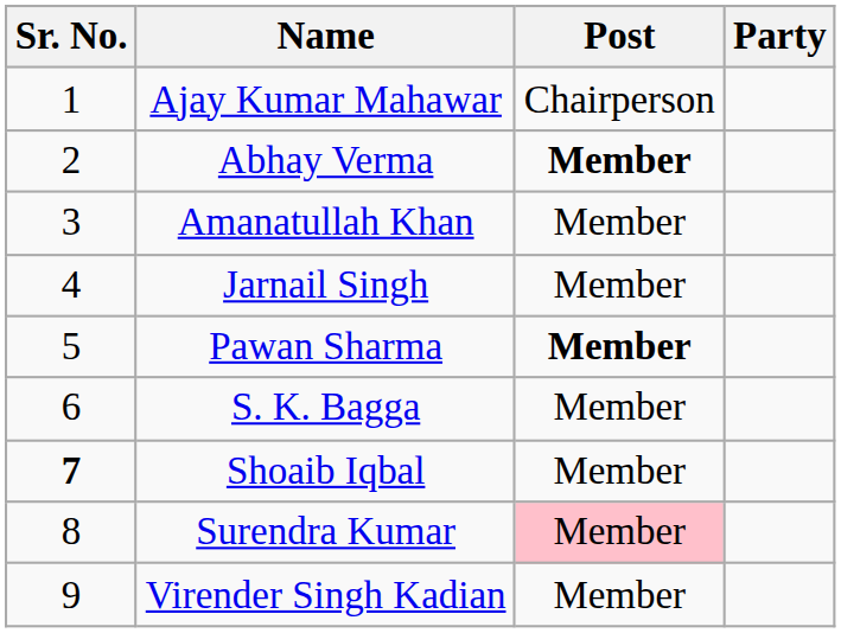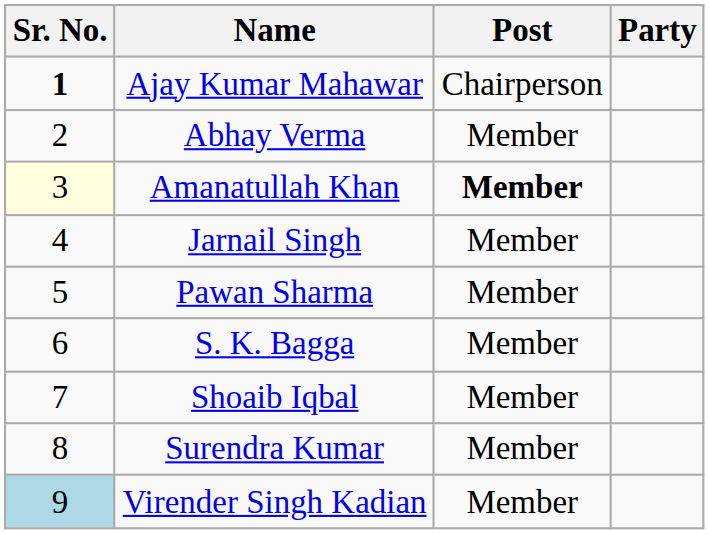 <table class="wikitable sortable">
 <tr>
 <th>Sr. No.</th>
 <th>Name</th>
 <th>Post</th>
 <th colspan="2">Party</th>
 </tr>
 <tr align="center">
-<td>1</td>
+<td><strong>1</strong></td>
 <td><a href='#'>Ajay Kumar Mahawar</a></td>
 <td>Chairperson</td>
 <td></td>
 </tr>
 <tr align="center">
 <td>2</td>
 <td><a href='#'>Abhay Verma</a></td>
-<td><strong>Member</strong></td>
+<td>Member</td>
 <td></td>
 </tr>
 <tr align="center">
-<td>3</td>
+<td style="background: lightyellow;">3</td>
 <td><a href='#'>Amanatullah Khan</a></td>
-<td>Member</td>
+<td><strong>Member</strong></td>
 <td></td>
 </tr>
 <tr align="center">
 <td>4</td>
 <td><a href='#'>Jarnail Singh</a></td>
 <td>Member</td>
 <td></td>
 </tr>
 <tr align="center">
 <td>5</td>
 <td><a href='#'>Pawan Sharma</a></td>
-<td><strong>Member</strong></td>
+<td>Member</td>
 <td></td>
 </tr>
 <tr align="center">
 <td>6</td>
 <td><a href='#'>S. K. Bagga</a></td>
 <td>Member</td>
 <td></td>
 </tr>
 <tr align="center">
-<td><strong>7</strong></td>
+<td>7</td>
 <td><a href='#'>Shoaib Iqbal</a></td>
 <td>Member</td>
 <td></td>
 </tr>
 <tr align="center">
 <td>8</td>
 <td><a href='#'>Surendra Kumar</a></td>
-<td style="background: pink;">Member</td>
+<td>Member</td>
 <td></td>
 </tr>
 <tr align="center">
-<td>9</td>
+<td style="background: lightblue;">9</td>
 <td><a href='#'>Virender Singh Kadian</a></td>
 <td>Member</td>
 <td></td>
 </tr>
 </table>
